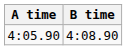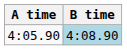 <table class="wikitable" border="1" align="upright">
 <tr>
 <th>A time</th>
 <th>B time</th>
 </tr>
 <tr>
 <td>4:05.90</td>
-<td>4:08.90</td>
+<td style="background: lightblue;">4:08.90</td>
 </tr>
 </table>
